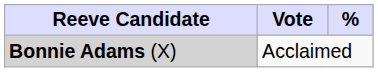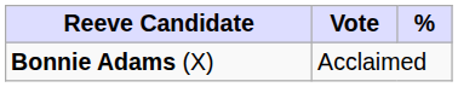 <table class="wikitable">
 <tr>
 <th style="background:#ddf; width:200px;">Reeve Candidate</th>
 <th style="background:#ddf; width:50px;">Vote</th>
 <th style="background:#ddf; width:30px;">%</th>
 </tr>
 <tr>
-<td style="background: lightgrey;"><strong>Bonnie Adams</strong> (X)</td>
+<td><strong>Bonnie Adams</strong> (X)</td>
 <td colspan="2">Acclaimed</td>
 </tr>
 </table>
